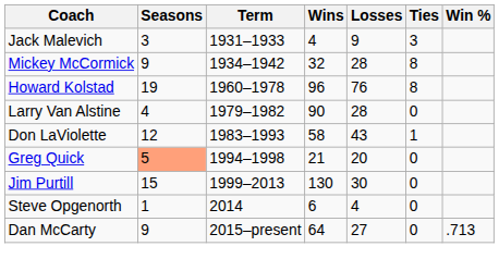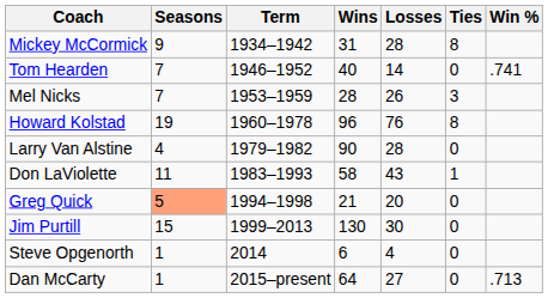 <table class="wikitable">
 <tr>
 <th>Coach</th>
 <th>Seasons</th>
 <th>Term</th>
 <th>Wins</th>
 <th>Losses</th>
 <th>Ties</th>
 <th>Win %</th>
 </tr>
 <tr>
-<td>Jack Malevich</td>
-<td>3</td>
-<td>1931–1933</td>
-<td>4</td>
+<td><a href='#'>Mickey McCormick</a></td>
 <td>9</td>
-<td>3</td>
+<td>1934–1942</td>
+<td>31</td>
+<td>28</td>
+<td>8</td>
 <td></td>
 </tr>
 <tr>
-<td><a href='#'>Mickey McCormick</a></td>
-<td>9</td>
-<td>1934–1942</td>
-<td>32</td>
+<td><a href='#'>Tom Hearden</a></td>
+<td>7</td>
+<td>1946–1952</td>
+<td>40</td>
+<td>14</td>
+<td>0</td>
+<td>.741</td>
+</tr>
+<tr>
+<td>Mel Nicks</td>
+<td>7</td>
+<td>1953–1959</td>
 <td>28</td>
-<td>8</td>
+<td>26</td>
+<td>3</td>
 <td></td>
 </tr>
 <tr>
 <td><a href='#'>Howard Kolstad</a></td>
 <td>19</td>
 <td>1960–1978</td>
 <td>96</td>
 <td>76</td>
 <td>8</td>
 <td></td>
 </tr>
 <tr>
 <td>Larry Van Alstine</td>
 <td>4</td>
 <td>1979–1982</td>
 <td>90</td>
 <td>28</td>
 <td>0</td>
 <td></td>
 </tr>
 <tr>
 <td>Don LaViolette</td>
-<td>12</td>
+<td>11</td>
 <td>1983–1993</td>
 <td>58</td>
 <td>43</td>
 <td>1</td>
 <td></td>
 </tr>
 <tr>
 <td><a href='#'>Greg Quick</a></td>
 <td style="background: lightsalmon;">5</td>
 <td>1994–1998</td>
 <td>21</td>
 <td>20</td>
 <td>0</td>
 <td></td>
 </tr>
 <tr>
 <td><a href='#'>Jim Purtill</a></td>
 <td>15</td>
 <td>1999–2013</td>
 <td>130</td>
 <td>30</td>
 <td>0</td>
 <td></td>
 </tr>
 <tr>
 <td>Steve Opgenorth</td>
 <td>1</td>
 <td>2014</td>
 <td>6</td>
 <td>4</td>
 <td>0</td>
 <td></td>
 </tr>
 <tr>
 <td>Dan McCarty</td>
-<td>9</td>
+<td>1</td>
 <td>2015–present</td>
 <td>64</td>
 <td>27</td>
 <td>0</td>
 <td>.713</td>
 </tr>
 </table>
